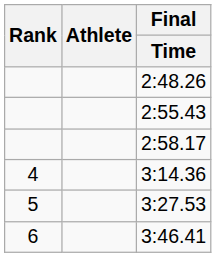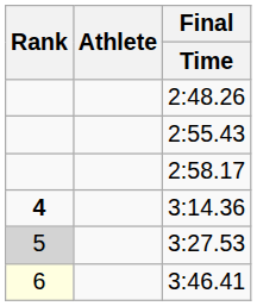 <table class="wikitable sortable"  style="text-align:center">
 <tr>
 <th rowspan="2" data-sort-type=number>Rank</th>
 <th rowspan="2">Athlete</th>
 <th colspan="2">Final</th>
 </tr>
 <tr>
 <th>Time</th>
 </tr>
 <tr>
 <td></td>
 <td align="left"></td>
 <td>2:48.26</td>
 </tr>
 <tr>
 <td></td>
 <td align="left"></td>
 <td>2:55.43</td>
 </tr>
 <tr>
 <td></td>
 <td align="left"></td>
 <td>2:58.17</td>
 </tr>
 <tr>
-<td>4</td>
+<td><strong>4</strong></td>
 <td align="left"></td>
 <td>3:14.36</td>
 </tr>
 <tr>
-<td>5</td>
+<td style="background: lightgrey;">5</td>
 <td align="left"></td>
 <td>3:27.53</td>
 </tr>
 <tr>
-<td>6</td>
+<td style="background: lightyellow;">6</td>
 <td align="left"></td>
 <td>3:46.41</td>
 </tr>
 </table>
